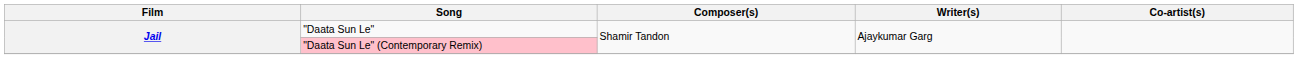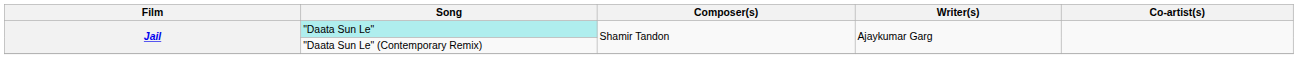 <table class="wikitable plainrowheaders" style="width:100%; textcolor:#000">
 <tr style="background:#b0e0e66;">
 <th scope="col" style="width:23%;"><strong>Film</strong></th>
 <th scope="col" style="width:23%;"><strong>Song</strong></th>
 <th scope="col" style="width:20%;"><strong>Composer(s)</strong></th>
 <th scope="col" style="width:16%;"><strong>Writer(s)</strong></th>
 <th scope="col" style="width:18%;"><strong>Co-artist(s)</strong></th>
 </tr>
 <tr>
 <th rowspan=2><em><a href='#'>Jail</a></em></th>
-<td>"Daata Sun Le"</td>
+<td style="background: paleturquoise;">"Daata Sun Le"</td>
 <td rowspan=2>Shamir Tandon</td>
 <td rowspan=2>Ajaykumar Garg</td>
 <td rowspan=2></td>
 </tr>
 <tr>
-<td style="background: pink;">"Daata Sun Le" (Contemporary Remix)</td>
+<td>"Daata Sun Le" (Contemporary Remix)</td>
 </tr>
 <tr>
 </tr>
 </table>
